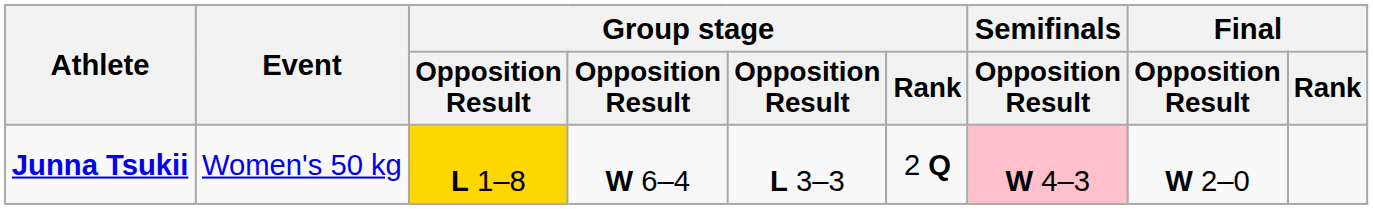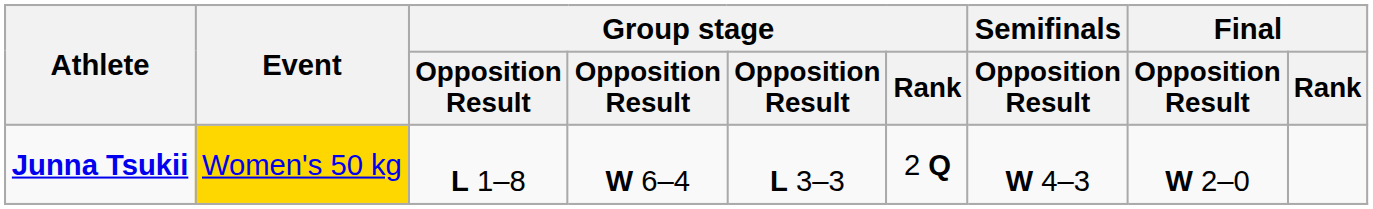 <table class="wikitable" style="font-size:90%;">
 <tr>
 <th rowspan=2>Athlete</th>
 <th rowspan=2>Event</th>
 <th colspan=4>Group stage</th>
 <th>Semifinals</th>
 <th colspan=3>Final</th>
 </tr>
 <tr style="font-size:95%">
 <th>Opposition<br>Result</th>
 <th>Opposition<br>Result</th>
 <th>Opposition<br>Result</th>
 <th>Rank</th>
 <th>Opposition<br>Result</th>
 <th>Opposition<br>Result</th>
 <th>Rank</th>
 </tr>
 <tr align=center>
 <td align=left><strong><a href='#'>Junna Tsukii</a></strong></td>
-<td align=left><a href='#'>Women's 50 kg</a></td>
-<td style="background: gold;"><br><strong>L</strong> 1–8</td>
+<td align=left style="background: gold;"><a href='#'>Women's 50 kg</a></td>
+<td><br><strong>L</strong> 1–8</td>
 <td><br><strong>W</strong> 6–4</td>
 <td><br><strong>L</strong> 3–3</td>
 <td>2 <strong>Q</strong></td>
-<td style="background: pink;"><br><strong>W</strong> 4–3</td>
+<td><br><strong>W</strong> 4–3</td>
 <td><br><strong>W</strong> 2–0</td>
 <td></td>
 </tr>
 </table>
